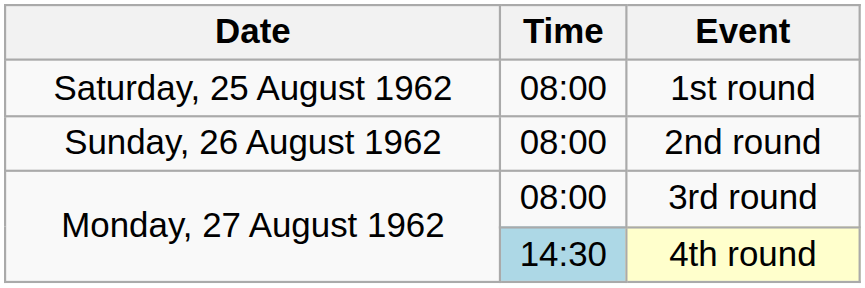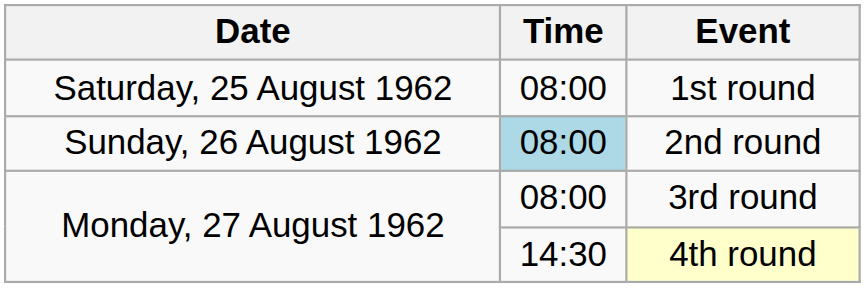 <table class = "wikitable" style="text-align:center;">
 <tr>
 <th width=220>Date</th>
 <th width=50>Time</th>
 <th width=100>Event</th>
 </tr>
 <tr>
 <td>Saturday, 25 August 1962</td>
 <td>08:00</td>
 <td>1st round</td>
 </tr>
 <tr>
 <td>Sunday, 26 August 1962</td>
-<td>08:00</td>
+<td style="background: lightblue;">08:00</td>
 <td>2nd round</td>
 </tr>
 <tr>
 <td rowspan=2>Monday, 27 August 1962</td>
 <td>08:00</td>
 <td>3rd round</td>
 </tr>
 <tr>
-<td style="background: lightblue;">14:30</td>
+<td>14:30</td>
 <td bgcolor=ffffcc>4th round</td>
 </tr>
 </table>
